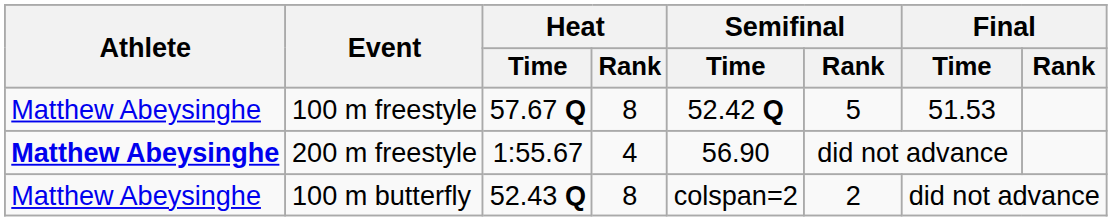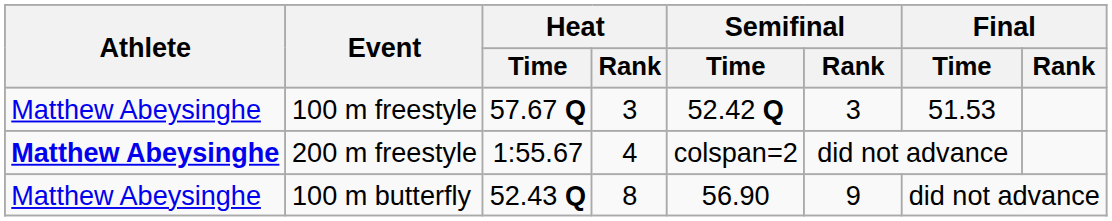 <table class=wikitable style="font-size:90%">
 <tr>
 <th rowspan=2>Athlete</th>
 <th rowspan=2>Event</th>
 <th colspan="2">Heat</th>
 <th colspan="2">Semifinal</th>
 <th colspan="2">Final</th>
 </tr>
 <tr style="font-size:95%">
 <th>Time</th>
 <th>Rank</th>
 <th>Time</th>
 <th>Rank</th>
 <th>Time</th>
 <th>Rank</th>
 </tr>
 <tr align=center>
 <td align=left><a href='#'>Matthew Abeysinghe</a></td>
 <td align=left>100 m freestyle</td>
 <td>57.67 <strong>Q</strong></td>
-<td>8</td>
+<td>3</td>
 <td>52.42 <strong>Q</strong></td>
-<td>5</td>
+<td>3</td>
 <td>51.53</td>
 <td></td>
 </tr>
 <tr align=center>
 <td align=left><strong><a href='#'>Matthew Abeysinghe</a></strong></td>
 <td align=left>200 m freestyle</td>
 <td>1:55.67</td>
 <td>4</td>
-<td>56.90</td>
+<td>colspan=2 </td>
 <td colspan=2>did not advance</td>
 </tr>
 <tr align=center>
 <td align=left><a href='#'>Matthew Abeysinghe</a></td>
 <td align=left>100 m butterfly</td>
 <td>52.43 <strong>Q</strong></td>
 <td>8</td>
-<td>colspan=2 </td>
-<td>2</td>
+<td>56.90</td>
+<td>9</td>
 <td colspan=2>did not advance</td>
 </tr>
 </table>
